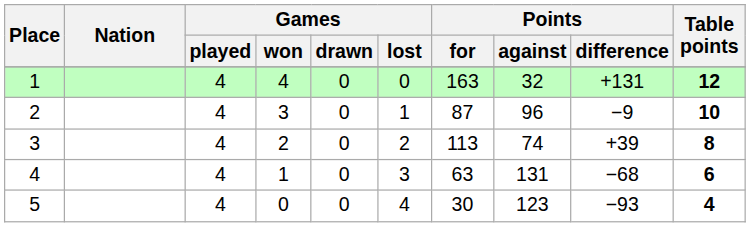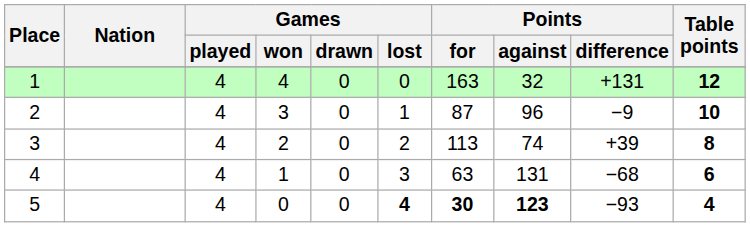 <table class="wikitable">
 <tr>
 <th rowspan=2 width="8%">Place</th>
 <th rowspan=2 width="20%">Nation</th>
 <th colspan=4 width="32%">Games</th>
 <th colspan=3 width="30%">Points</th>
 <th rowspan=2 width="10%">Table<br>points</th>
 </tr>
 <tr>
 <th width="8%">played</th>
 <th width="8%">won</th>
 <th width="8%">drawn</th>
 <th width="8%">lost</th>
 <th width="10%">for</th>
 <th width="10%">against</th>
 <th width="10%">difference</th>
 </tr>
 <tr>
 </tr>
 <tr bgcolor=#C0FFC0 align=center>
 <td>1</td>
 <td align=left></td>
 <td>4</td>
 <td>4</td>
 <td>0</td>
 <td>0</td>
 <td>163</td>
 <td>32</td>
 <td>+131</td>
 <td><strong>12</strong></td>
 </tr>
 <tr bgcolor=#ffffff align=center>
 <td>2</td>
 <td align=left></td>
 <td>4</td>
 <td>3</td>
 <td>0</td>
 <td>1</td>
 <td>87</td>
 <td>96</td>
 <td>−9</td>
 <td><strong>10</strong></td>
 </tr>
 <tr bgcolor=#ffffff align=center>
 <td>3</td>
 <td align=left></td>
 <td>4</td>
 <td>2</td>
 <td>0</td>
 <td>2</td>
 <td>113</td>
 <td>74</td>
 <td>+39</td>
 <td><strong>8</strong></td>
 </tr>
 <tr bgcolor=#ffffff align=center>
 <td>4</td>
 <td align=left></td>
 <td>4</td>
 <td>1</td>
 <td>0</td>
 <td>3</td>
 <td>63</td>
 <td>131</td>
 <td>−68</td>
 <td><strong>6</strong></td>
 </tr>
 <tr bgcolor=#ffffff align=center>
 <td>5</td>
 <td align=left></td>
 <td>4</td>
 <td>0</td>
 <td>0</td>
-<td>4</td>
-<td>30</td>
-<td>123</td>
+<td><strong>4</strong></td>
+<td><strong>30</strong></td>
+<td><strong>123</strong></td>
 <td>−93</td>
 <td><strong>4</strong></td>
 </tr>
 </table>
